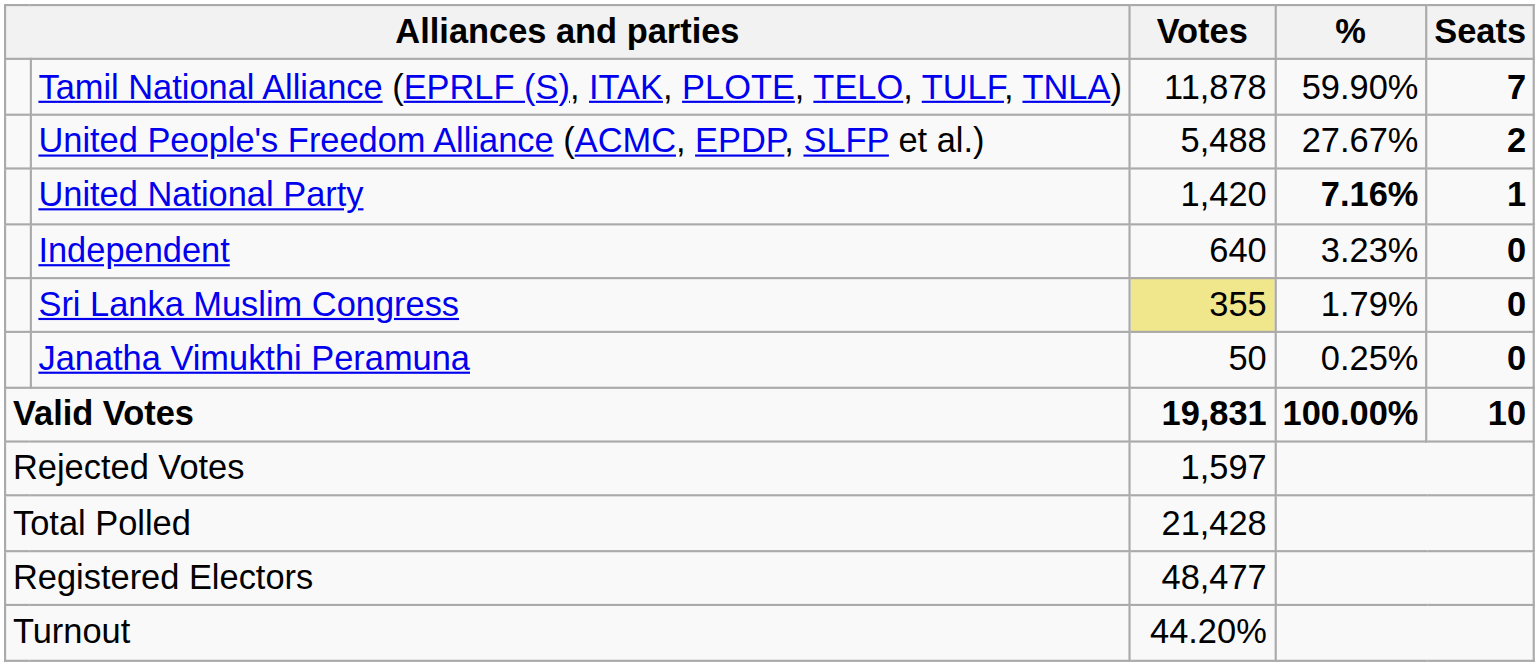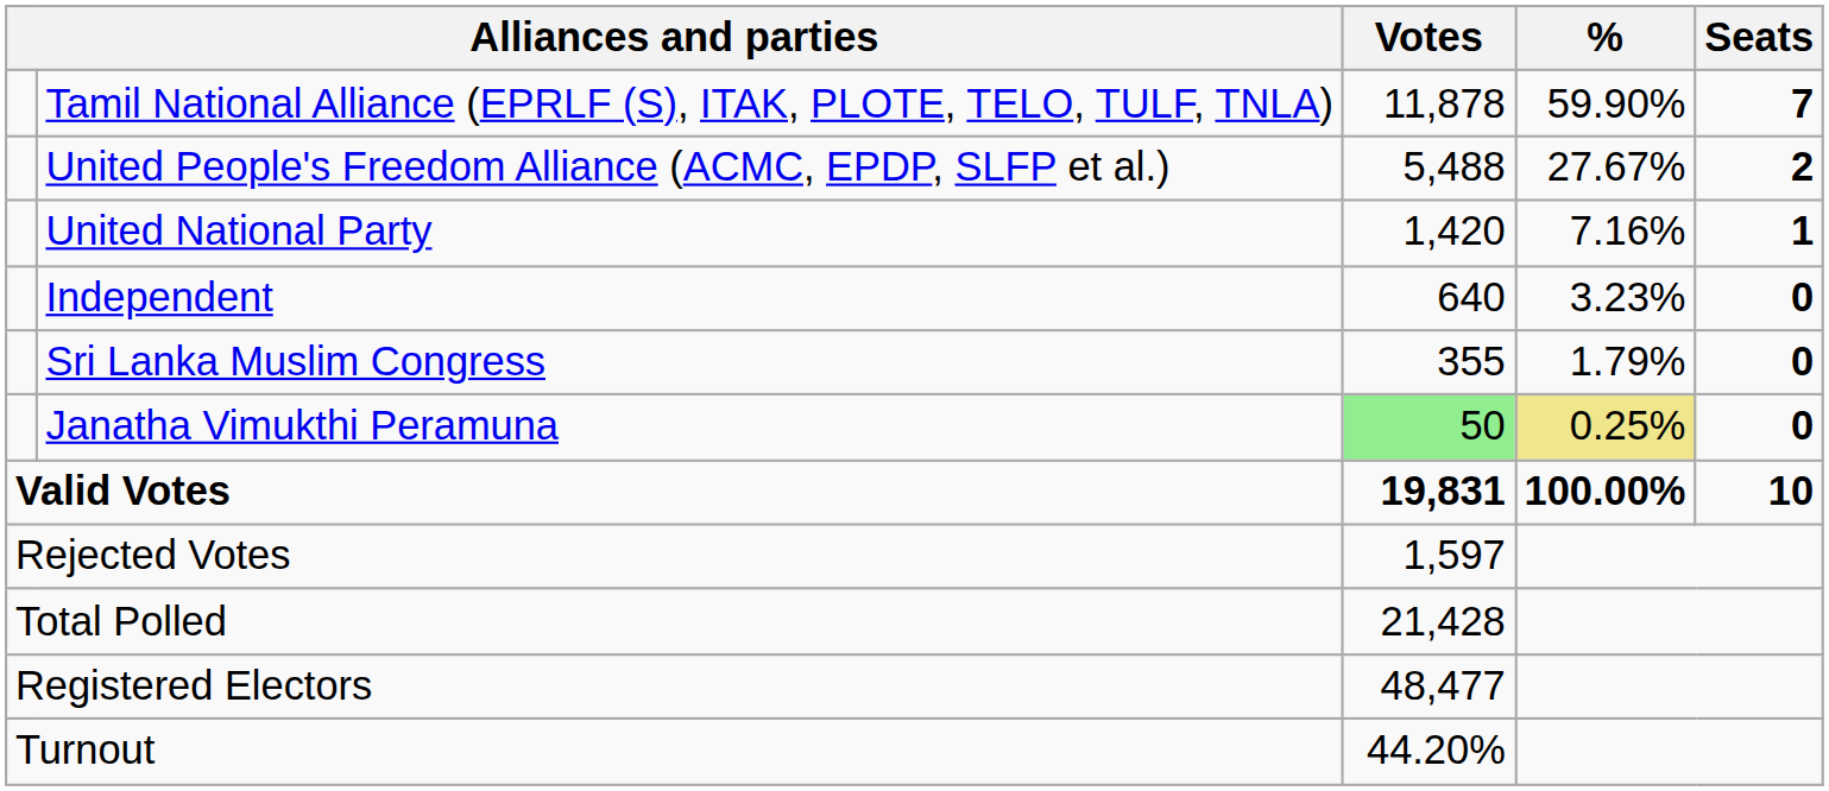 <table class="wikitable" border="1" style="text-align:right;">
 <tr>
 <th valign=bottom align=left colspan=2>Alliances and parties</th>
 <th valign=bottom align=center width="60">Votes</th>
 <th valign=bottom align=center width="50">%</th>
 <th valign=bottom align=center>Seats</th>
 </tr>
 <tr>
 <td bgcolor=> </td>
 <td align=left><a href='#'>Tamil National Alliance</a> (<a href='#'>EPRLF (S)</a>, <a href='#'>ITAK</a>, <a href='#'>PLOTE</a>, <a href='#'>TELO</a>, <a href='#'>TULF</a>, <a href='#'>TNLA</a>)</td>
 <td>11,878</td>
 <td>59.90%</td>
 <td><strong>7</strong></td>
 </tr>
 <tr>
 <td bgcolor=> </td>
 <td align=left><a href='#'>United People's Freedom Alliance</a> (<a href='#'>ACMC</a>, <a href='#'>EPDP</a>, <a href='#'>SLFP</a> et al.)</td>
 <td>5,488</td>
 <td>27.67%</td>
 <td><strong>2</strong></td>
 </tr>
 <tr>
 <td bgcolor=> </td>
 <td align=left><a href='#'>United National Party</a></td>
 <td>1,420</td>
-<td><strong>7.16%</strong></td>
+<td>7.16%</td>
 <td><strong>1</strong></td>
 </tr>
 <tr>
 <td></td>
 <td align=left><a href='#'>Independent</a></td>
 <td>640</td>
 <td>3.23%</td>
 <td><strong>0</strong></td>
 </tr>
 <tr>
 <td bgcolor=> </td>
 <td align=left><a href='#'>Sri Lanka Muslim Congress</a></td>
-<td style="background: khaki;">355</td>
+<td>355</td>
 <td>1.79%</td>
 <td><strong>0</strong></td>
 </tr>
 <tr>
 <td bgcolor=> </td>
 <td align=left><a href='#'>Janatha Vimukthi Peramuna</a></td>
-<td>50</td>
-<td>0.25%</td>
+<td style="background: lightgreen;">50</td>
+<td style="background: khaki;">0.25%</td>
 <td><strong>0</strong></td>
 </tr>
 <tr>
 <td colspan=2 align=left><strong>Valid Votes</strong></td>
 <td><strong>19,831</strong></td>
 <td><strong>100.00%</strong></td>
 <td><strong>10</strong></td>
 </tr>
 <tr>
 <td colspan=2 align=left>Rejected Votes</td>
 <td>1,597</td>
 <td colspan=2></td>
 </tr>
 <tr>
 <td colspan=2 align=left>Total Polled</td>
 <td>21,428</td>
 <td colspan=2></td>
 </tr>
 <tr>
 <td colspan=2 align=left>Registered Electors</td>
 <td>48,477</td>
 <td colspan=2></td>
 </tr>
 <tr>
 <td colspan=2 align=left>Turnout</td>
 <td>44.20%</td>
 <td colspan=2></td>
 </tr>
 </table>
